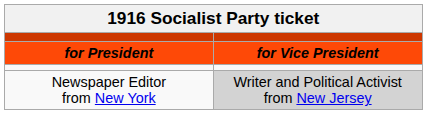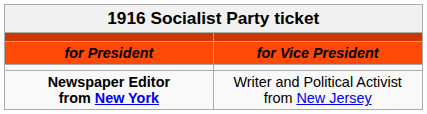 <table class="wikitable" style="font-size:90%; text-align:center;">
 <tr>
 <td colspan="29" style="background:#f1f1f1;"><big><strong>1916 Socialist Party ticket</strong></big></td>
 </tr>
 <tr>
 <th style="width:3em; font-size:135%; background:#CD3700; width:200px;"><a href='#'></a></th>
 <th style="width:3em; font-size:135%; background:#CD3700; width:200px;"><a href='#'></a></th>
 </tr>
 <tr>
 <td style="width:3em; font-size:100%; color:#000; background:#fe4907; width:200px;"><strong><em>for President</em></strong></td>
 <td style="width:3em; font-size:100%; color:#000; background:#fe4907; width:200px;"><strong><em>for Vice President</em></strong></td>
 </tr>
 <tr>
 <td></td>
 <td></td>
 </tr>
 <tr>
-<td>Newspaper Editor<br>from <a href='#'>New York</a></td>
-<td style="background: lightgrey;">Writer and Political Activist<br>from <a href='#'>New Jersey</a></td>
+<td><strong>Newspaper Editor<br>from <a href='#'>New York</a></strong></td>
+<td>Writer and Political Activist<br>from <a href='#'>New Jersey</a></td>
 </tr>
 </table>
